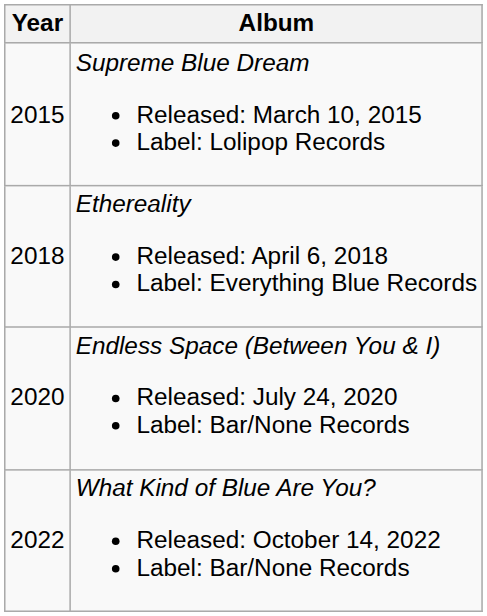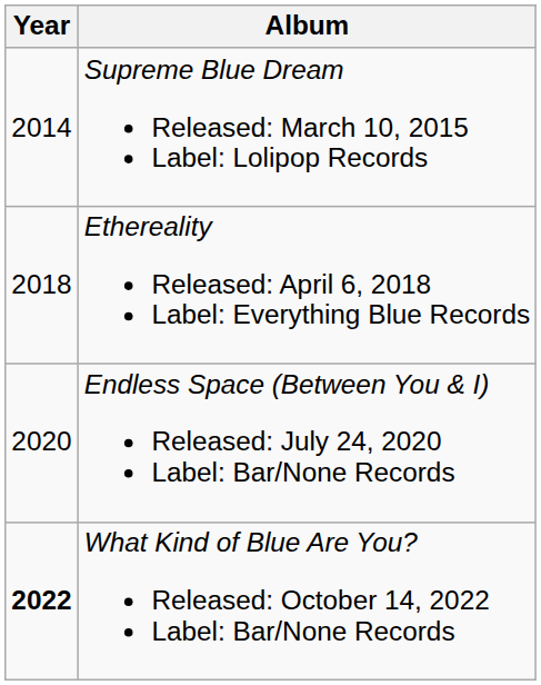 <table class="wikitable plainrowheaders" style="text-align:center;">
 <tr>
 <th>Year</th>
 <th>Album</th>
 </tr>
 <tr>
-<td>2015</td>
+<td>2014</td>
 <td style="text-align:left;"><em>Supreme Blue Dream</em><br><ul><li>Released: March 10, 2015 </li><li>Label: Lolipop Records</li></ul></td>
 </tr>
 <tr>
 <td>2018</td>
 <td style="text-align:left;"><em>Ethereality</em><br><ul><li>Released: April 6, 2018 </li><li>Label: Everything Blue Records</li></ul></td>
 </tr>
 <tr>
 <td>2020</td>
 <td style="text-align:left;"><em>Endless Space (Between You & I)</em><br><ul><li>Released: July 24, 2020 </li><li>Label: Bar/None Records</li></ul></td>
 </tr>
 <tr>
-<td>2022</td>
+<td><strong>2022</strong></td>
 <td style="text-align:left;"><em>What Kind of Blue Are You?</em><br><ul><li>Released: October 14, 2022</li><li>Label: Bar/None Records</li></ul></td>
 </tr>
 </table>
